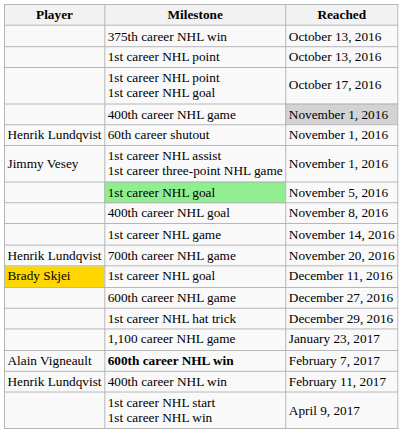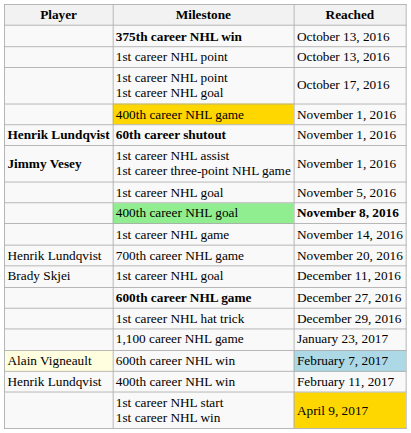 <table class="wikitable sortable" style="width:auto%;">
 <tr align=center>
 <th>Player</th>
 <th>Milestone</th>
 <th>Reached</th>
 </tr>
 <tr>
 <td></td>
-<td>375th career NHL win</td>
+<td><strong>375th career NHL win</strong></td>
 <td>October 13, 2016</td>
 </tr>
 <tr>
 <td></td>
 <td>1st career NHL point</td>
 <td>October 13, 2016</td>
 </tr>
 <tr>
 <td></td>
 <td>1st career NHL point<br>1st career NHL goal</td>
 <td>October 17, 2016</td>
 </tr>
 <tr>
 <td></td>
-<td>400th career NHL game</td>
-<td style="background: lightgrey;">November 1, 2016</td>
-</tr>
-<tr>
-<td>Henrik Lundqvist</td>
-<td>60th career shutout</td>
+<td style="background: gold;">400th career NHL game</td>
 <td>November 1, 2016</td>
 </tr>
 <tr>
-<td>Jimmy Vesey</td>
+<td><strong>Henrik Lundqvist</strong></td>
+<td><strong>60th career shutout</strong></td>
+<td>November 1, 2016</td>
+</tr>
+<tr>
+<td><strong>Jimmy Vesey</strong></td>
 <td>1st career NHL assist<br>1st career three-point NHL game</td>
 <td>November 1, 2016</td>
 </tr>
 <tr>
 <td></td>
-<td style="background: lightgreen;">1st career NHL goal</td>
+<td>1st career NHL goal</td>
 <td>November 5, 2016</td>
 </tr>
 <tr>
 <td></td>
-<td>400th career NHL goal</td>
-<td>November 8, 2016</td>
+<td style="background: lightgreen;">400th career NHL goal</td>
+<td><strong>November 8, 2016</strong></td>
 </tr>
 <tr>
 <td></td>
 <td>1st career NHL game</td>
 <td>November 14, 2016</td>
 </tr>
 <tr>
 <td>Henrik Lundqvist</td>
 <td>700th career NHL game</td>
 <td>November 20, 2016</td>
 </tr>
 <tr>
-<td style="background: gold;">Brady Skjei</td>
+<td>Brady Skjei</td>
 <td>1st career NHL goal</td>
 <td>December 11, 2016</td>
 </tr>
 <tr>
 <td></td>
-<td>600th career NHL game</td>
+<td><strong>600th career NHL game</strong></td>
 <td>December 27, 2016</td>
 </tr>
 <tr>
 <td></td>
 <td>1st career NHL hat trick</td>
 <td>December 29, 2016</td>
 </tr>
 <tr>
 <td></td>
 <td>1,100 career NHL game</td>
 <td>January 23, 2017</td>
 </tr>
 <tr>
-<td>Alain Vigneault</td>
-<td><strong>600th career NHL win</strong></td>
-<td>February 7, 2017</td>
+<td style="background: lightyellow;">Alain Vigneault</td>
+<td>600th career NHL win</td>
+<td style="background: lightblue;">February 7, 2017</td>
 </tr>
 <tr>
 <td>Henrik Lundqvist</td>
 <td>400th career NHL win</td>
 <td>February 11, 2017</td>
 </tr>
 <tr>
 <td></td>
 <td>1st career NHL start<br> 1st career NHL win</td>
-<td>April 9, 2017</td>
+<td style="background: gold;">April 9, 2017</td>
 </tr>
 </table>
